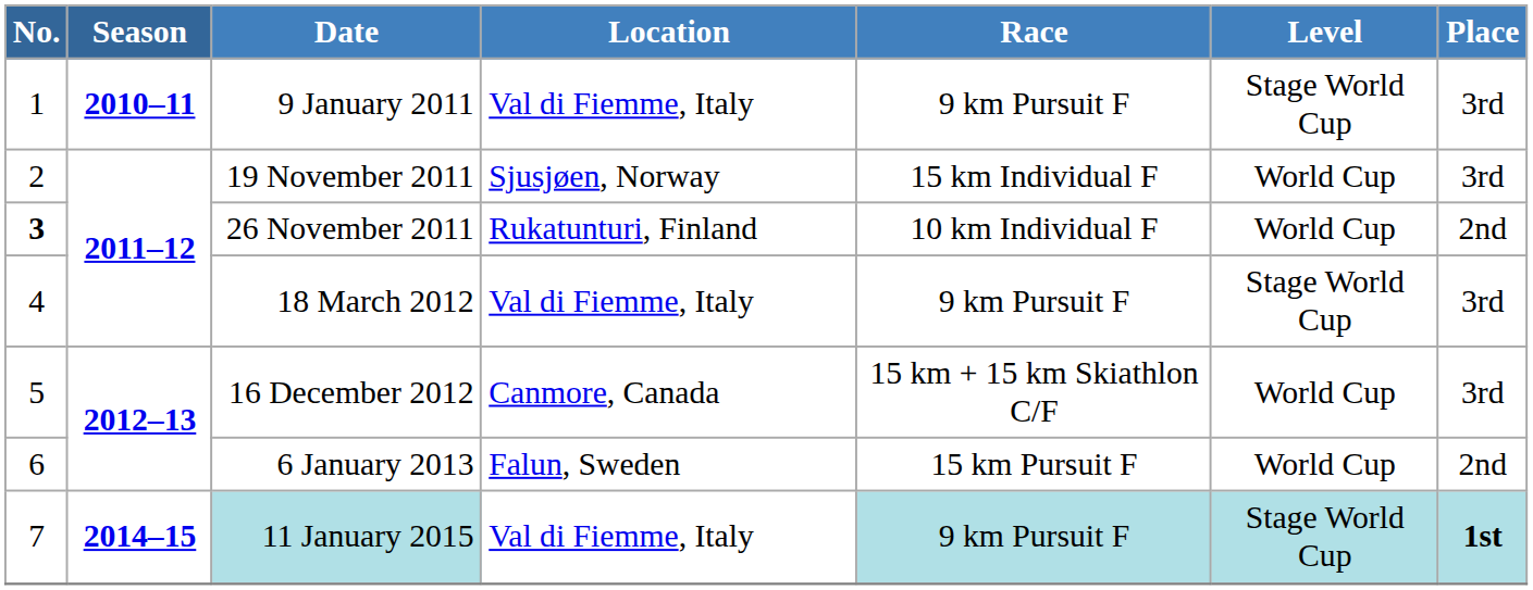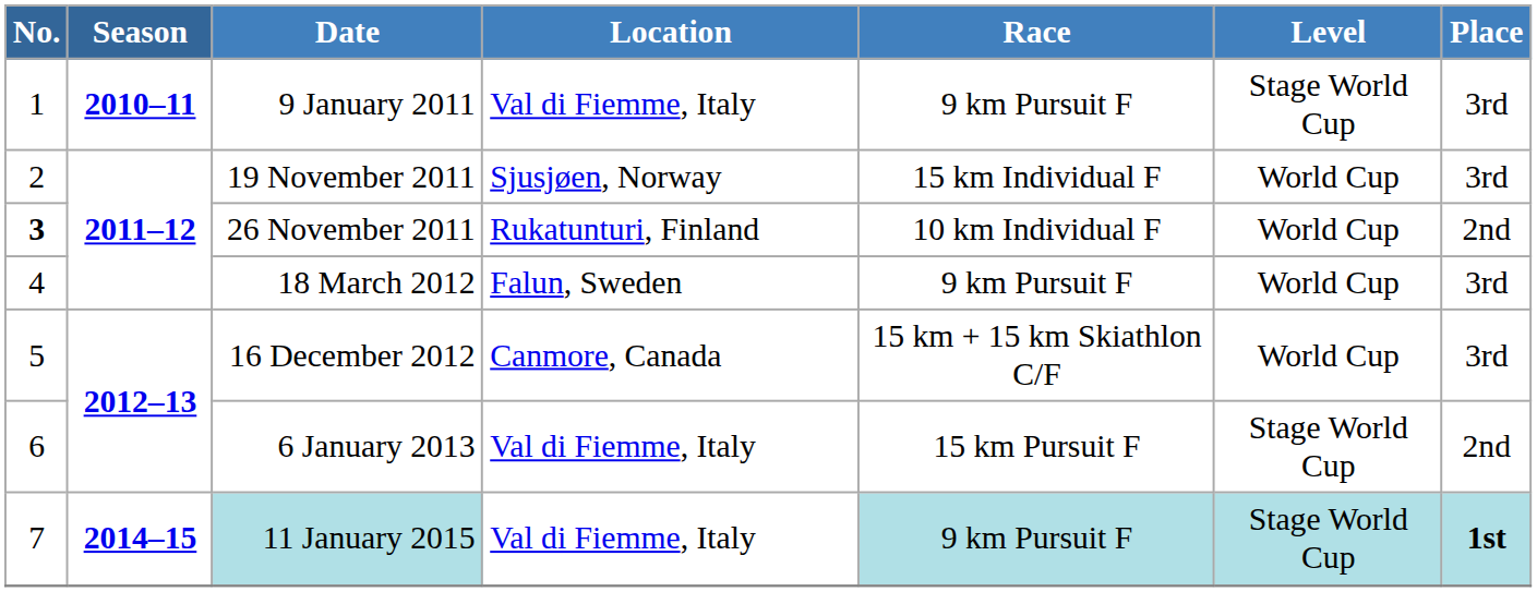 <table class="wikitable sortable" style="font-size:95%; text-align:center; border:grey solid 1px; border-collapse:collapse; background:#ffffff;">
 <tr style="background:#efefef;">
 <th style="background-color:#369; color:white;">No.</th>
 <th style="background-color:#369; color:white;">Season</th>
 <th style="background-color:#4180be; color:white; width:120px;">Date</th>
 <th style="background-color:#4180be; color:white; width:170px;">Location</th>
 <th style="background-color:#4180be; color:white; width:160px;">Race</th>
 <th style="background-color:#4180be; color:white; width:100px;">Level</th>
 <th style="background-color:#4180be; color:white;">Place</th>
 </tr>
 <tr>
 <td align=center>1</td>
 <td rowspan=1 align=center><strong> <a href='#'>2010–11</a> </strong></td>
 <td align=right>9 January 2011</td>
 <td align=left> <a href='#'>Val di Fiemme</a>, Italy</td>
 <td>9 km Pursuit F</td>
 <td>Stage World Cup</td>
 <td>3rd</td>
 </tr>
 <tr>
 <td align=center>2</td>
 <td rowspan=3 align=center><strong> <a href='#'>2011–12</a> </strong></td>
 <td align=right>19 November 2011</td>
 <td align=left> <a href='#'>Sjusjøen</a>, Norway</td>
 <td>15 km Individual F</td>
 <td>World Cup</td>
 <td>3rd</td>
 </tr>
 <tr>
 <td align=center><strong>3</strong></td>
 <td align=right>26 November 2011</td>
 <td align=left> <a href='#'>Rukatunturi</a>, Finland</td>
 <td>10 km Individual F</td>
 <td>World Cup</td>
 <td>2nd</td>
 </tr>
 <tr>
 <td align=center>4</td>
 <td align=right>18 March 2012</td>
-<td align=left> <a href='#'>Val di Fiemme</a>, Italy</td>
+<td align=left> <a href='#'>Falun</a>, Sweden</td>
 <td>9 km Pursuit F</td>
-<td>Stage World Cup</td>
+<td>World Cup</td>
 <td>3rd</td>
 </tr>
 <tr>
 <td align=center>5</td>
 <td rowspan=2 align=center><strong> <a href='#'>2012–13</a> </strong></td>
 <td align=right>16 December 2012</td>
 <td align=left> <a href='#'>Canmore</a>, Canada</td>
 <td>15 km + 15 km Skiathlon C/F</td>
 <td>World Cup</td>
 <td>3rd</td>
 </tr>
 <tr>
 <td align=center>6</td>
 <td align=right>6 January 2013</td>
-<td align=left> <a href='#'>Falun</a>, Sweden</td>
+<td align=left> <a href='#'>Val di Fiemme</a>, Italy</td>
 <td>15 km Pursuit F</td>
-<td>World Cup</td>
+<td>Stage World Cup</td>
 <td>2nd</td>
 </tr>
 <tr>
 <td align=center>7</td>
 <td rowspan=1 align=center><strong><a href='#'>2014–15</a></strong></td>
 <td bgcolor="#BOEOE6" align=right>11 January 2015</td>
 <td align=left> <a href='#'>Val di Fiemme</a>, Italy</td>
 <td bgcolor="#BOEOE6">9 km Pursuit F</td>
 <td bgcolor="#BOEOE6">Stage World Cup</td>
 <td bgcolor="#BOEOE6"><strong>1st</strong></td>
 </tr>
 <tr>
 </tr>
 </table>
